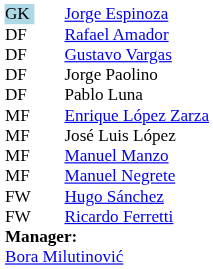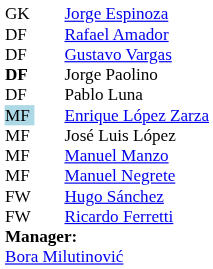 <table style="font-size:90%; margin:0.2em auto;" cellspacing="0" cellpadding="0">
 <tr>
 <th width="25"></th>
 <th width="25"></th>
 </tr>
 <tr>
-<td style="background: lightblue;">GK</td>
+<td>GK</td>
 <td></td>
 <td> <a href='#'>Jorge Espinoza</a></td>
 </tr>
 <tr>
 <td>DF</td>
 <td></td>
 <td> <a href='#'>Rafael Amador</a></td>
 </tr>
 <tr>
 <td>DF</td>
 <td></td>
 <td> <a href='#'>Gustavo Vargas</a></td>
 </tr>
 <tr>
-<td>DF</td>
+<td><strong>DF</strong></td>
 <td></td>
 <td> Jorge Paolino</td>
 </tr>
 <tr>
 <td>DF</td>
 <td></td>
 <td> Pablo Luna</td>
 </tr>
 <tr>
-<td>MF</td>
+<td style="background: lightblue;">MF</td>
 <td></td>
 <td> <a href='#'>Enrique López Zarza</a></td>
 </tr>
 <tr>
 <td>MF</td>
 <td></td>
 <td> José Luis López</td>
 </tr>
 <tr>
 <td>MF</td>
 <td></td>
 <td> <a href='#'>Manuel Manzo</a></td>
 </tr>
 <tr>
 <td>MF</td>
 <td></td>
 <td> <a href='#'>Manuel Negrete</a></td>
 </tr>
 <tr>
 <td>FW</td>
 <td></td>
 <td> <a href='#'>Hugo Sánchez</a></td>
 </tr>
 <tr>
 <td>FW</td>
 <td></td>
 <td> <a href='#'>Ricardo Ferretti</a></td>
 </tr>
 <tr>
 <td colspan=3><strong>Manager:</strong></td>
 </tr>
 <tr>
 <td colspan=5> <a href='#'>Bora Milutinović</a></td>
 </tr>
 </table>
